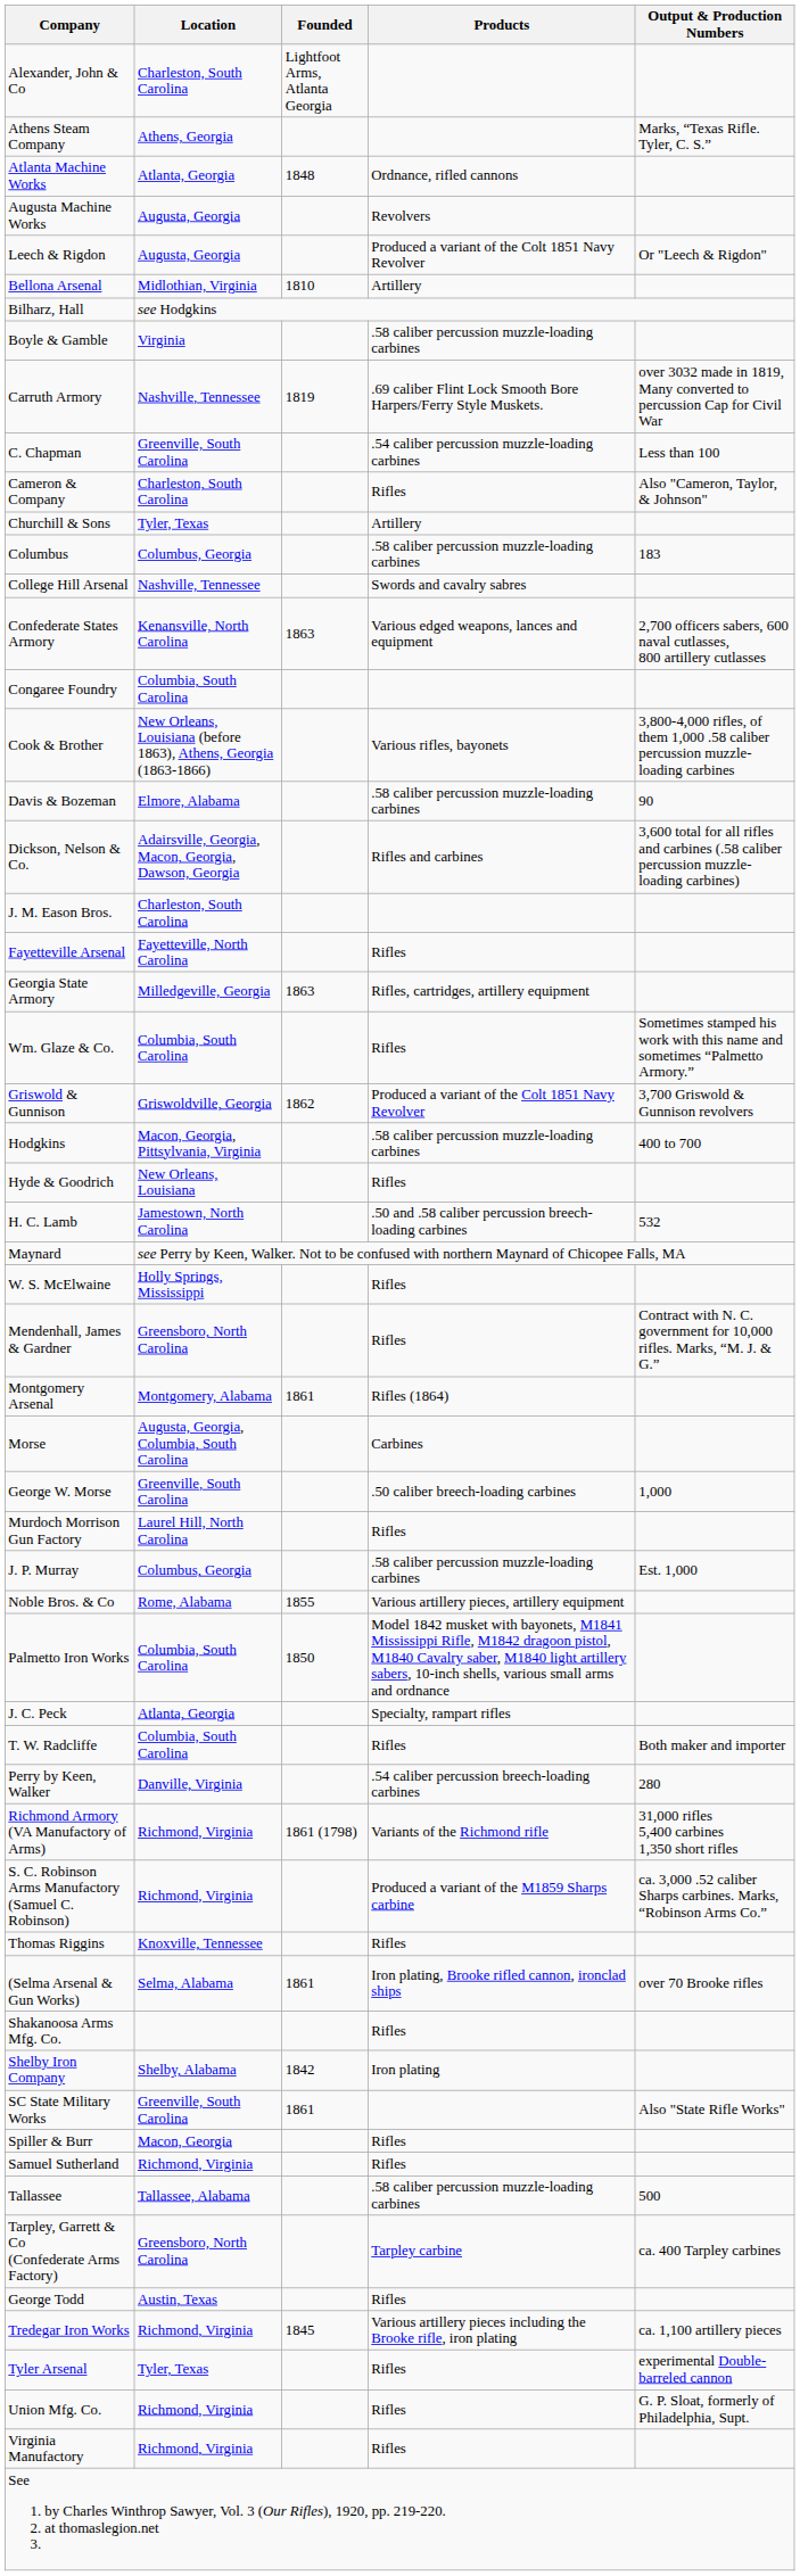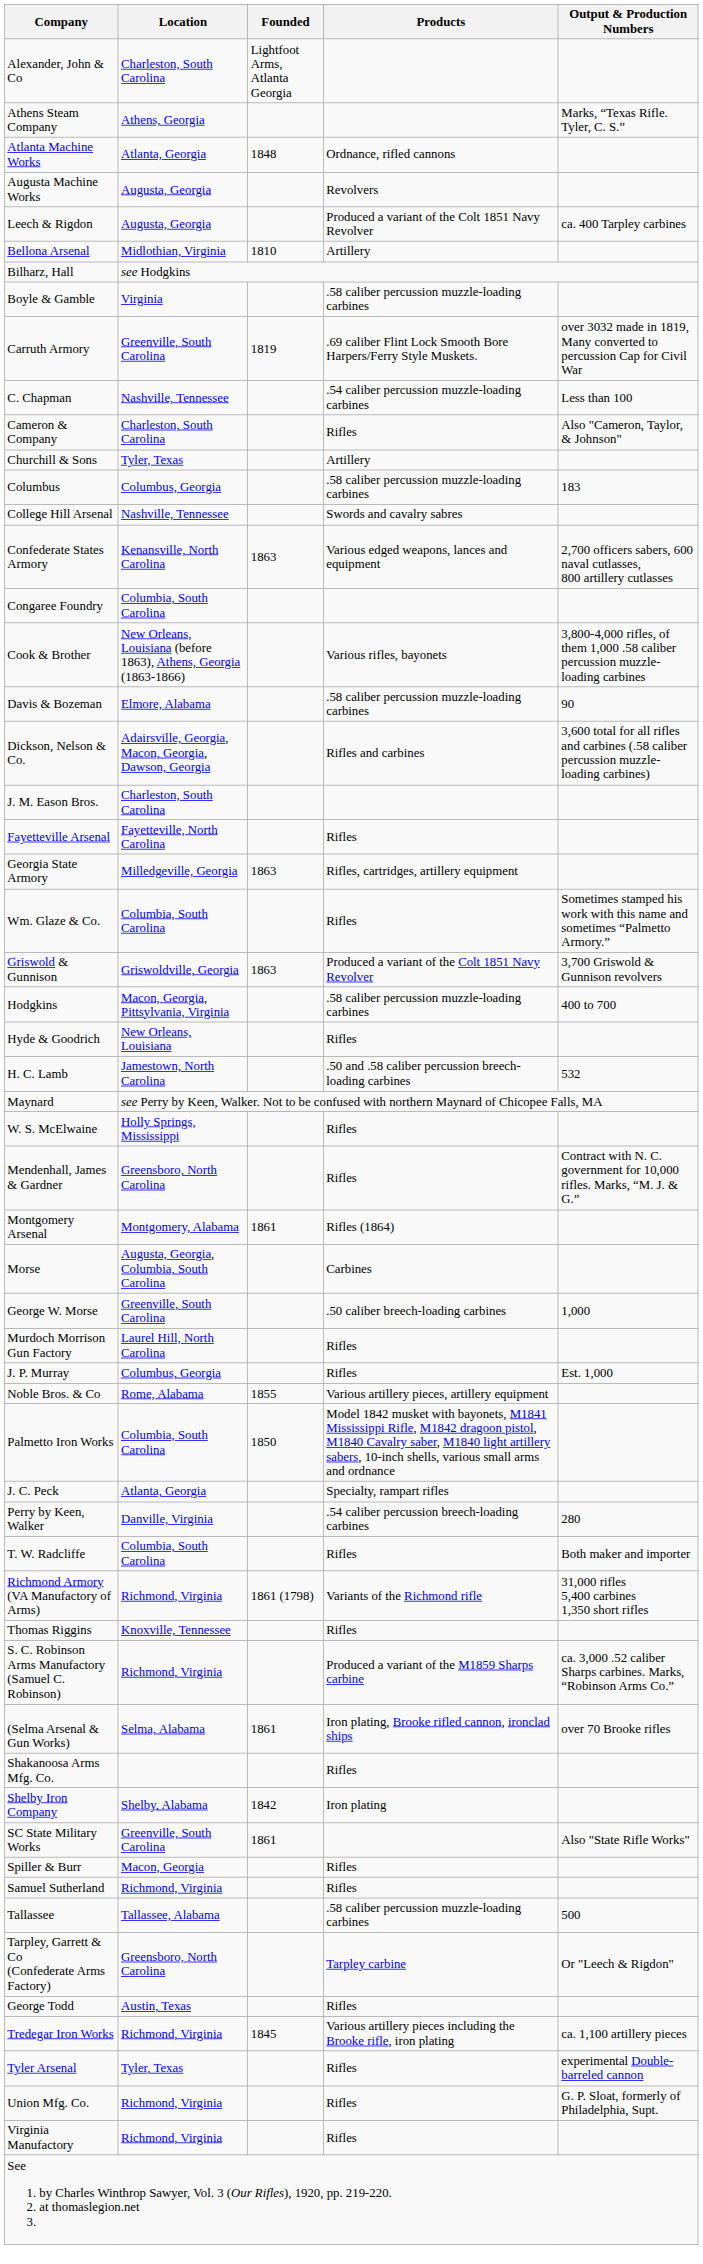 <table class="wikitable">
 <tr>
 <th>Company</th>
 <th>Location</th>
 <th>Founded</th>
 <th>Products</th>
 <th>Output & Production Numbers</th>
 </tr>
 <tr>
 <td>Alexander, John & Co</td>
 <td><a href='#'>Charleston, South Carolina</a></td>
 <td>Lightfoot Arms, Atlanta Georgia</td>
 <td></td>
 <td></td>
 </tr>
 <tr>
 <td>Athens Steam Company</td>
 <td><a href='#'>Athens, Georgia</a></td>
 <td></td>
 <td></td>
 <td>Marks, “Texas Rifle. Tyler, C. S.”</td>
 </tr>
 <tr>
 <td><a href='#'>Atlanta Machine Works</a></td>
 <td><a href='#'>Atlanta, Georgia</a></td>
 <td>1848</td>
 <td>Ordnance, rifled cannons</td>
 <td></td>
 </tr>
 <tr>
 <td>Augusta Machine Works</td>
 <td><a href='#'>Augusta, Georgia</a></td>
 <td></td>
 <td>Revolvers</td>
 <td></td>
 </tr>
 <tr>
 <td>Leech & Rigdon</td>
 <td><a href='#'>Augusta, Georgia</a></td>
 <td></td>
 <td>Produced a variant of the Colt 1851 Navy Revolver</td>
-<td>Or "Leech & Rigdon"</td>
+<td>ca. 400 Tarpley carbines</td>
 </tr>
 <tr>
 <td><a href='#'>Bellona Arsenal</a></td>
 <td><a href='#'>Midlothian, Virginia</a></td>
 <td>1810</td>
 <td>Artillery</td>
 <td></td>
 </tr>
 <tr>
 <td>Bilharz, Hall</td>
 <td colspan="4"><em>see</em> Hodgkins</td>
 </tr>
 <tr>
 <td>Boyle & Gamble</td>
 <td><a href='#'>Virginia</a></td>
 <td></td>
 <td>.58 caliber percussion muzzle-loading carbines</td>
 <td></td>
 </tr>
 <tr>
 <td>Carruth Armory</td>
-<td><a href='#'>Nashville, Tennessee</a></td>
+<td><a href='#'>Greenville, South Carolina</a></td>
 <td>1819</td>
 <td>.69 caliber Flint Lock Smooth Bore Harpers/Ferry Style Muskets.</td>
 <td>over 3032 made in 1819, Many converted to percussion Cap for Civil War</td>
 </tr>
 <tr>
 <td>C. Chapman</td>
-<td><a href='#'>Greenville, South Carolina</a></td>
+<td><a href='#'>Nashville, Tennessee</a></td>
 <td></td>
 <td>.54 caliber percussion muzzle-loading carbines</td>
 <td>Less than 100</td>
 </tr>
 <tr>
 <td>Cameron & Company</td>
 <td><a href='#'>Charleston, South Carolina</a></td>
 <td></td>
 <td>Rifles</td>
 <td>Also "Cameron, Taylor, & Johnson"</td>
 </tr>
 <tr>
 <td>Churchill & Sons</td>
 <td><a href='#'>Tyler, Texas</a></td>
 <td></td>
 <td>Artillery</td>
 <td></td>
 </tr>
 <tr>
 <td>Columbus</td>
 <td><a href='#'>Columbus, Georgia</a></td>
 <td></td>
 <td>.58 caliber percussion muzzle-loading carbines</td>
 <td>183</td>
 </tr>
 <tr>
 <td>College Hill Arsenal</td>
 <td><a href='#'>Nashville, Tennessee</a></td>
 <td></td>
 <td>Swords and cavalry sabres</td>
 <td></td>
 </tr>
 <tr>
 <td>Confederate States Armory</td>
 <td><a href='#'>Kenansville, North Carolina</a></td>
 <td>1863</td>
 <td>Various edged weapons, lances and equipment</td>
 <td><br>2,700 officers sabers, 600 naval cutlasses,<br>800 artillery cutlasses</td>
 </tr>
 <tr>
 <td>Congaree Foundry</td>
 <td><a href='#'>Columbia, South Carolina</a></td>
 <td></td>
 <td></td>
 <td></td>
 </tr>
 <tr>
 <td>Cook & Brother</td>
 <td><a href='#'>New Orleans, Louisiana</a> (before 1863), <a href='#'>Athens, Georgia</a> (1863-1866)</td>
 <td></td>
 <td>Various rifles, bayonets</td>
 <td>3,800-4,000 rifles, of them 1,000 .58 caliber percussion muzzle-loading carbines</td>
 </tr>
 <tr>
 <td>Davis & Bozeman</td>
 <td><a href='#'>Elmore, Alabama</a></td>
 <td></td>
 <td>.58 caliber percussion muzzle-loading carbines</td>
 <td>90</td>
 </tr>
 <tr>
 <td>Dickson, Nelson & Co.</td>
 <td><a href='#'>Adairsville, Georgia</a>,<br> <a href='#'>Macon, Georgia</a>,<br> <a href='#'>Dawson, Georgia</a></td>
 <td></td>
 <td>Rifles and carbines</td>
 <td>3,600 total for all rifles and carbines (.58 caliber percussion muzzle-loading carbines)</td>
 </tr>
 <tr>
 <td>J. M. Eason Bros.</td>
 <td><a href='#'>Charleston, South Carolina</a></td>
 <td></td>
 <td></td>
 <td></td>
 </tr>
 <tr>
 <td><a href='#'>Fayetteville Arsenal</a></td>
 <td><a href='#'>Fayetteville, North Carolina</a></td>
 <td></td>
 <td>Rifles</td>
 <td></td>
 </tr>
 <tr>
 <td>Georgia State Armory</td>
 <td><a href='#'>Milledgeville, Georgia</a></td>
 <td>1863</td>
 <td>Rifles, cartridges, artillery equipment</td>
 <td></td>
 </tr>
 <tr>
 <td>Wm. Glaze & Co.</td>
 <td><a href='#'>Columbia, South Carolina</a></td>
 <td></td>
 <td>Rifles</td>
 <td>Sometimes stamped his work with this name and sometimes “Palmetto Armory.”</td>
 </tr>
 <tr>
 <td><a href='#'>Griswold</a> & Gunnison</td>
 <td><a href='#'>Griswoldville, Georgia</a></td>
-<td>1862</td>
+<td>1863</td>
 <td>Produced a variant of the <a href='#'>Colt 1851 Navy Revolver</a></td>
 <td>3,700 Griswold & Gunnison revolvers</td>
 </tr>
 <tr>
 <td>Hodgkins</td>
 <td><a href='#'>Macon, Georgia</a>,<br><a href='#'>Pittsylvania, Virginia</a></td>
 <td></td>
 <td>.58 caliber percussion muzzle-loading carbines</td>
 <td>400 to 700</td>
 </tr>
 <tr>
 <td>Hyde & Goodrich</td>
 <td><a href='#'>New Orleans, Louisiana</a></td>
 <td></td>
 <td>Rifles</td>
 <td></td>
 </tr>
 <tr>
 <td>H. C. Lamb</td>
 <td><a href='#'>Jamestown, North Carolina</a></td>
 <td></td>
 <td>.50 and .58 caliber percussion breech-loading carbines</td>
 <td>532</td>
 </tr>
 <tr>
 <td>Maynard</td>
 <td colspan="4"><em>see</em> Perry by Keen, Walker. Not to be confused with northern Maynard of Chicopee Falls, MA</td>
 </tr>
 <tr>
 <td>W. S. McElwaine</td>
 <td><a href='#'>Holly Springs, Mississippi</a></td>
 <td></td>
 <td>Rifles</td>
 <td></td>
 </tr>
 <tr>
 <td>Mendenhall, James & Gardner</td>
 <td><a href='#'>Greensboro, North Carolina</a></td>
 <td></td>
 <td>Rifles</td>
 <td>Contract with N. C. government for 10,000 rifles. Marks, “M. J. & G.”</td>
 </tr>
 <tr>
 <td>Montgomery Arsenal</td>
 <td><a href='#'>Montgomery, Alabama</a></td>
 <td>1861</td>
 <td>Rifles (1864)</td>
 <td></td>
 </tr>
 <tr>
 <td>Morse</td>
 <td><a href='#'>Augusta, Georgia</a>,<br> <a href='#'>Columbia, South Carolina</a></td>
 <td></td>
 <td>Carbines</td>
 <td></td>
 </tr>
 <tr>
 <td>George W. Morse</td>
 <td><a href='#'>Greenville, South Carolina</a></td>
 <td></td>
 <td>.50 caliber breech-loading carbines</td>
 <td>1,000</td>
 </tr>
 <tr>
 <td>Murdoch Morrison Gun Factory</td>
 <td><a href='#'>Laurel Hill, North Carolina</a></td>
 <td></td>
 <td>Rifles</td>
 <td></td>
 </tr>
 <tr>
 <td>J. P. Murray</td>
 <td><a href='#'>Columbus, Georgia</a></td>
 <td></td>
-<td>.58 caliber percussion muzzle-loading carbines</td>
+<td>Rifles</td>
 <td>Est. 1,000</td>
 </tr>
 <tr>
 <td>Noble Bros. & Co</td>
 <td><a href='#'>Rome, Alabama</a></td>
 <td>1855</td>
 <td>Various artillery pieces, artillery equipment</td>
 <td></td>
 </tr>
 <tr>
 <td>Palmetto Iron Works</td>
 <td><a href='#'>Columbia, South Carolina</a></td>
 <td>1850</td>
 <td>Model 1842 musket with bayonets, <a href='#'>M1841 Mississippi Rifle</a>, <a href='#'>M1842 dragoon pistol</a>, <a href='#'>M1840 Cavalry saber</a>, <a href='#'>M1840 light artillery sabers</a>, 10-inch shells, various small arms and ordnance</td>
 <td></td>
 </tr>
 <tr>
 <td>J. C. Peck</td>
 <td><a href='#'>Atlanta, Georgia</a></td>
 <td></td>
 <td>Specialty, rampart rifles</td>
 <td></td>
 </tr>
 <tr>
+<td>Perry by Keen, Walker</td>
+<td><a href='#'>Danville, Virginia</a></td>
+<td></td>
+<td>.54 caliber percussion breech-loading carbines</td>
+<td>280</td>
+</tr>
+<tr>
 <td>T. W. Radcliffe</td>
 <td><a href='#'>Columbia, South Carolina</a></td>
 <td></td>
 <td>Rifles</td>
 <td>Both maker and importer</td>
-</tr>
-<tr>
-<td>Perry by Keen, Walker</td>
-<td><a href='#'>Danville, Virginia</a></td>
-<td></td>
-<td>.54 caliber percussion breech-loading carbines</td>
-<td>280</td>
 </tr>
 <tr>
 <td><a href='#'>Richmond Armory</a><br>(VA Manufactory of Arms)</td>
 <td><a href='#'>Richmond, Virginia</a></td>
 <td>1861 (1798)</td>
 <td>Variants of the <a href='#'>Richmond rifle</a></td>
 <td>31,000 rifles<br>5,400 carbines<br>1,350 short rifles</td>
 </tr>
 <tr>
+<td>Thomas Riggins</td>
+<td><a href='#'>Knoxville, Tennessee</a></td>
+<td></td>
+<td>Rifles</td>
+<td></td>
+</tr>
+<tr>
 <td>S. C. Robinson Arms Manufactory  (Samuel C. Robinson)</td>
 <td><a href='#'>Richmond, Virginia</a></td>
 <td></td>
 <td>Produced a variant of the <a href='#'>M1859 Sharps carbine</a></td>
 <td>ca. 3,000 .52 caliber Sharps carbines. Marks, “Robinson Arms Co.”</td>
-</tr>
-<tr>
-<td>Thomas Riggins</td>
-<td><a href='#'>Knoxville, Tennessee</a></td>
-<td></td>
-<td>Rifles</td>
-<td></td>
 </tr>
 <tr>
 <td><br>(Selma Arsenal & Gun Works)</td>
 <td><a href='#'>Selma, Alabama</a></td>
 <td>1861</td>
 <td>Iron plating, <a href='#'>Brooke rifled cannon</a>, <a href='#'>ironclad ships</a></td>
 <td>over 70 Brooke rifles</td>
 </tr>
 <tr>
 <td>Shakanoosa Arms Mfg. Co.</td>
 <td></td>
 <td></td>
 <td>Rifles</td>
 <td></td>
 </tr>
 <tr>
 <td><a href='#'>Shelby Iron Company</a></td>
 <td><a href='#'>Shelby, Alabama</a></td>
 <td>1842</td>
 <td>Iron plating</td>
 <td></td>
 </tr>
 <tr>
 <td>SC State Military Works</td>
 <td><a href='#'>Greenville, South Carolina</a></td>
 <td>1861</td>
 <td></td>
 <td>Also "State Rifle Works"</td>
 </tr>
 <tr>
 <td>Spiller & Burr</td>
 <td><a href='#'>Macon, Georgia</a></td>
 <td></td>
 <td>Rifles</td>
 <td></td>
 </tr>
 <tr>
 <td>Samuel Sutherland</td>
 <td><a href='#'>Richmond, Virginia</a></td>
 <td></td>
 <td>Rifles</td>
 <td></td>
 </tr>
 <tr>
 <td>Tallassee</td>
 <td><a href='#'>Tallassee, Alabama</a></td>
 <td></td>
 <td>.58 caliber percussion muzzle-loading carbines</td>
 <td>500</td>
 </tr>
 <tr>
 <td>Tarpley, Garrett & Co<br>(Confederate Arms Factory)</td>
 <td><a href='#'>Greensboro, North Carolina</a></td>
 <td></td>
 <td><a href='#'>Tarpley carbine</a></td>
-<td>ca. 400 Tarpley carbines</td>
+<td>Or "Leech & Rigdon"</td>
 </tr>
 <tr>
 <td>George Todd</td>
 <td><a href='#'>Austin, Texas</a></td>
 <td></td>
 <td>Rifles</td>
 <td></td>
 </tr>
 <tr>
 <td><a href='#'>Tredegar Iron Works</a></td>
 <td><a href='#'>Richmond, Virginia</a></td>
 <td>1845</td>
 <td>Various artillery pieces including the <a href='#'>Brooke rifle</a>, iron plating</td>
 <td>ca. 1,100 artillery pieces</td>
 </tr>
 <tr>
 <td><a href='#'>Tyler Arsenal</a></td>
 <td><a href='#'>Tyler, Texas</a></td>
 <td></td>
 <td>Rifles</td>
 <td>experimental <a href='#'>Double-barreled cannon</a></td>
 </tr>
 <tr>
 <td>Union Mfg. Co.</td>
 <td><a href='#'>Richmond, Virginia</a></td>
 <td></td>
 <td>Rifles</td>
 <td>G. P. Sloat, formerly of Philadelphia, Supt.</td>
 </tr>
 <tr>
 <td>Virginia Manufactory</td>
 <td><a href='#'>Richmond, Virginia</a></td>
 <td></td>
 <td>Rifles</td>
 <td></td>
 </tr>
 <tr>
 <td colspan="5">See<br><ol><li><em></em> by Charles Winthrop Sawyer, Vol. 3 (<em>Our Rifles</em>), 1920, pp. 219-220.</li><li><em></em> at thomaslegion.net</li><li><em></em></li></ol></td>
 </tr>
 </table>
